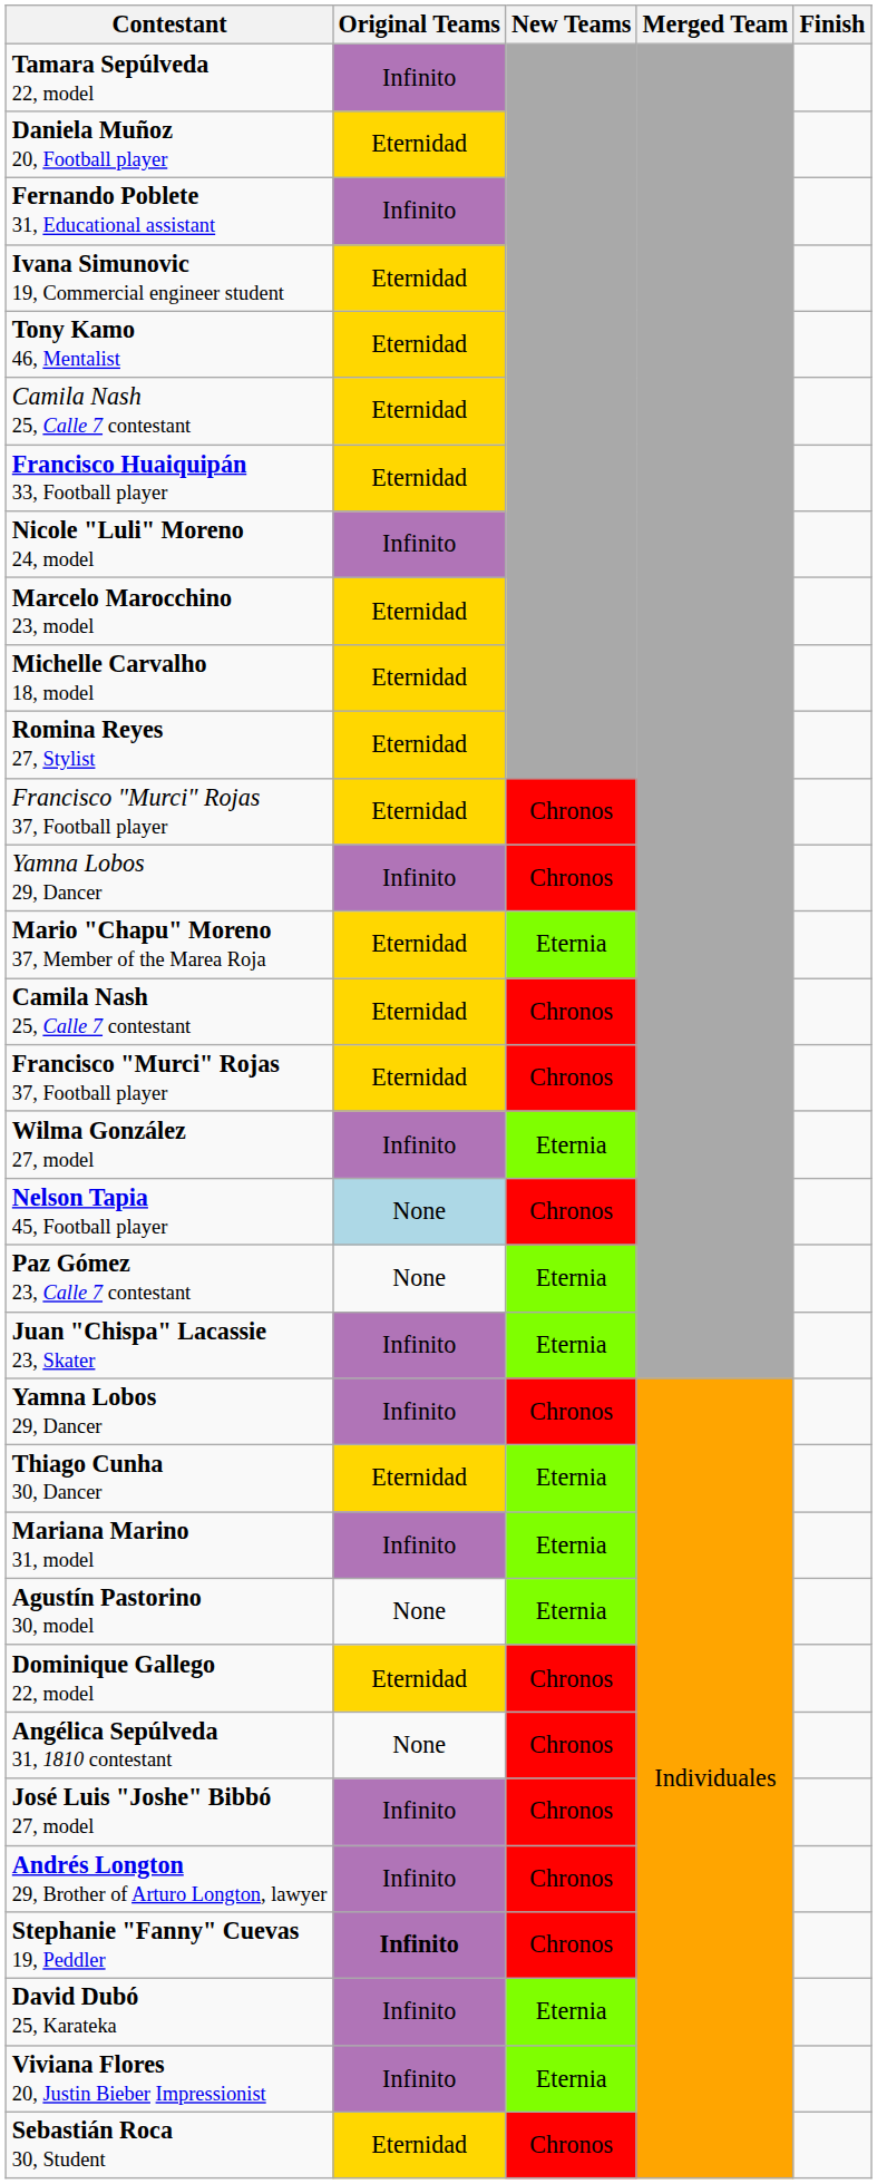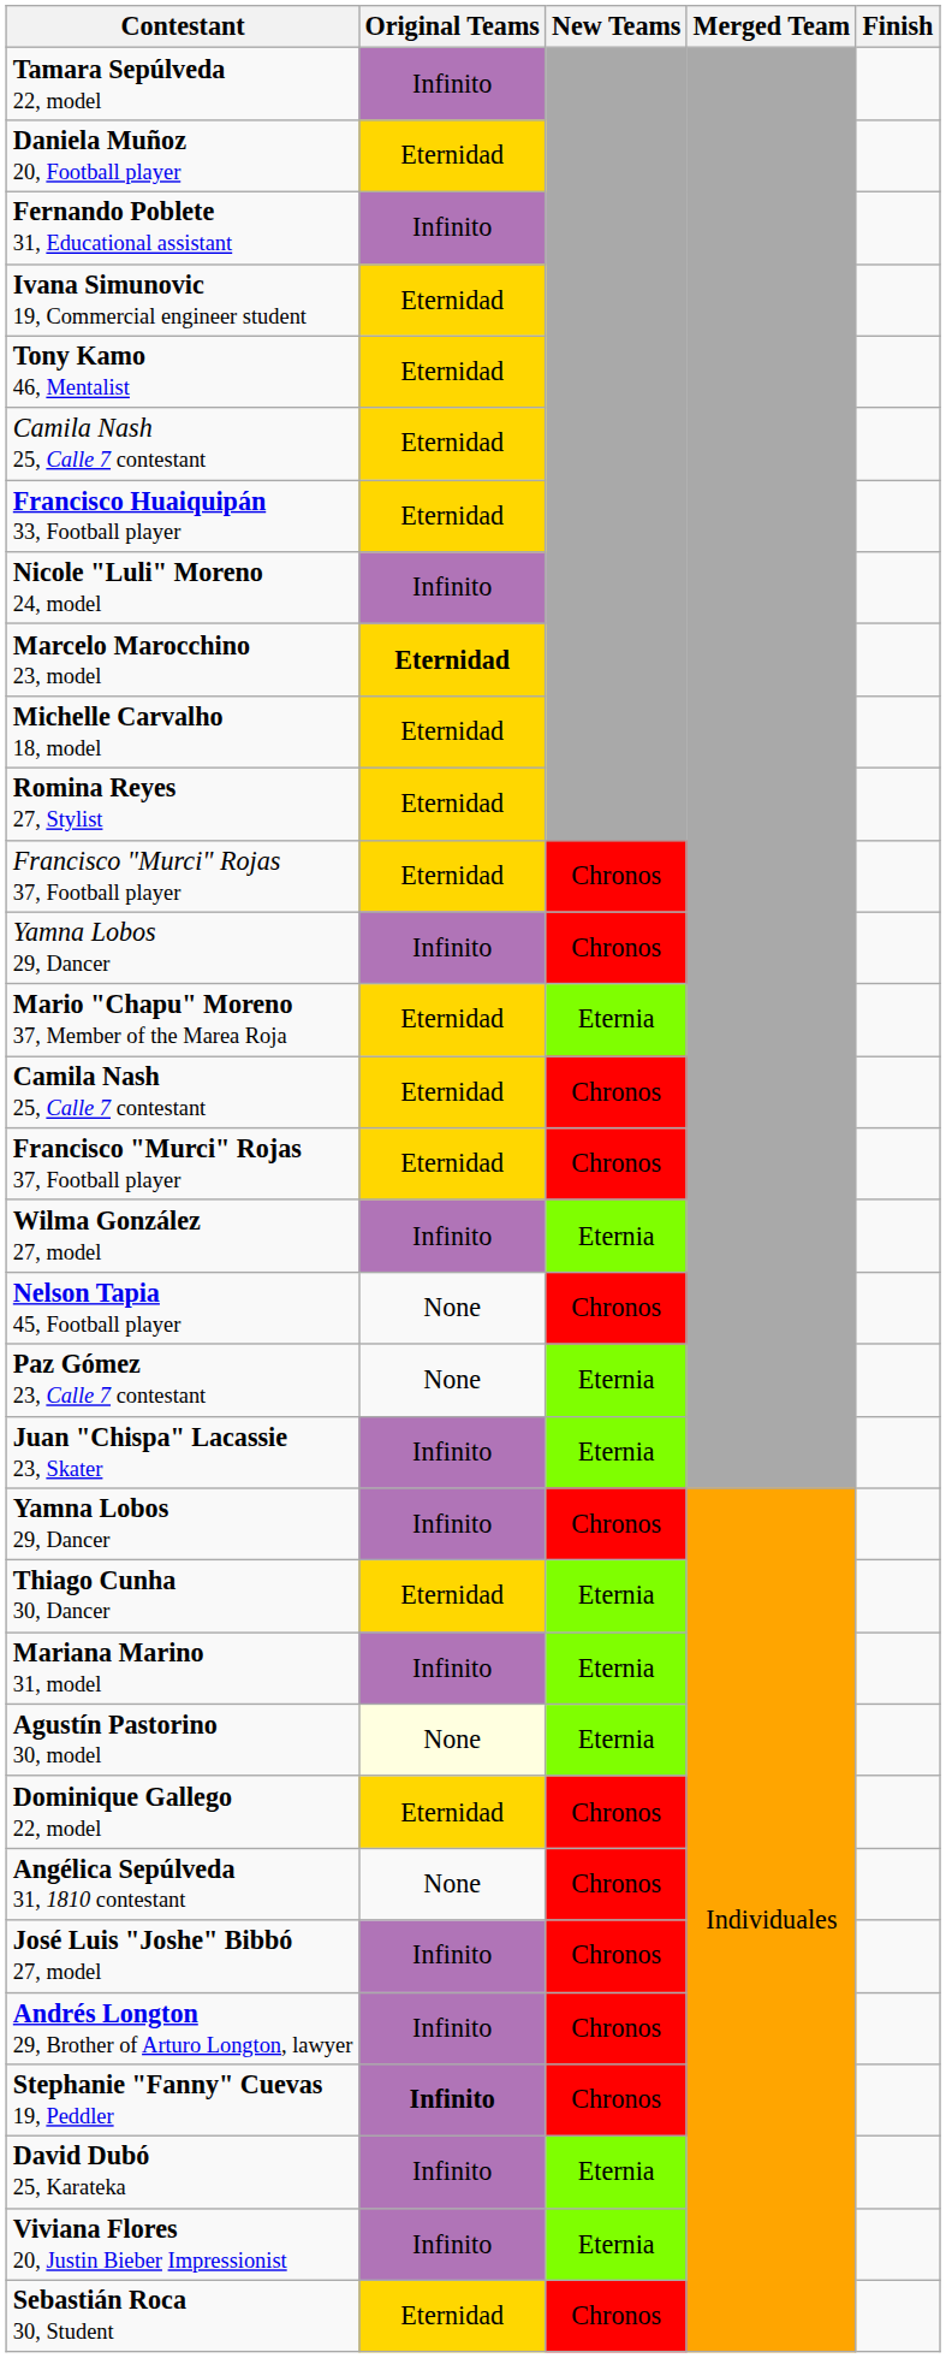 <table class="wikitable sortable" style="margin:auto; text-align:center">
 <tr>
 <th>Contestant</th>
 <th>Original Teams</th>
 <th>New Teams</th>
 <th>Merged Team</th>
 <th>Finish</th>
 </tr>
 <tr>
 <td align="left"><strong>Tamara Sepúlveda</strong><br><small>22, model</small></td>
 <td bgcolor="#B074B7">Infinito</td>
 <td rowspan=11 style="background:darkgrey;"></td>
 <td rowspan=20 style="background:darkgrey;"></td>
 <td></td>
 </tr>
 <tr>
 <td align="left"><strong>Daniela Muñoz</strong><br><small>20, <a href='#'>Football player</a></small></td>
 <td bgcolor="gold">Eternidad</td>
 <td></td>
 </tr>
 <tr>
 <td align="left"><strong>Fernando Poblete</strong><br><small>31, <a href='#'>Educational assistant</a></small></td>
 <td bgcolor="#B074B7">Infinito</td>
 <td></td>
 </tr>
 <tr>
 <td align="left"><strong>Ivana Simunovic</strong><br><small>19, Commercial engineer student</small></td>
 <td bgcolor="gold">Eternidad</td>
 <td></td>
 </tr>
 <tr>
 <td align="left"><strong>Tony Kamo</strong><br><small>46, <a href='#'>Mentalist</a></small></td>
 <td bgcolor="gold">Eternidad</td>
 <td></td>
 </tr>
 <tr>
 <td align="left"><em>Camila Nash</em><br><small>25, <em><a href='#'>Calle 7</a></em> contestant</small></td>
 <td bgcolor="gold">Eternidad</td>
 <td></td>
 </tr>
 <tr>
 <td align="left"><strong><a href='#'>Francisco Huaiquipán</a></strong><br><small>33, Football player</small></td>
 <td bgcolor="gold">Eternidad</td>
 <td></td>
 </tr>
 <tr>
 <td align="left"><strong>Nicole "Luli" Moreno</strong><br><small>24, model</small></td>
 <td bgcolor="#B074B7">Infinito</td>
 <td></td>
 </tr>
 <tr>
 <td align="left"><strong>Marcelo Marocchino</strong><br><small>23, model</small></td>
-<td bgcolor="gold">Eternidad</td>
+<td bgcolor="gold"><strong>Eternidad</strong></td>
 <td></td>
 </tr>
 <tr>
 <td align="left"><strong>Michelle Carvalho</strong><br><small>18, model</small></td>
 <td bgcolor="gold">Eternidad</td>
 <td></td>
 </tr>
 <tr>
 <td align="left"><strong>Romina Reyes</strong><br><small>27, <a href='#'>Stylist</a></small></td>
 <td bgcolor="gold">Eternidad</td>
 <td></td>
 </tr>
 <tr>
 <td align="left"><em>Francisco "Murci" Rojas</em><br><small>37, Football player</small></td>
 <td bgcolor="gold">Eternidad</td>
 <td bgcolor="red">Chronos</td>
 <td></td>
 </tr>
 <tr>
 <td align="left"><em>Yamna Lobos</em><br><small>29, Dancer</small></td>
 <td bgcolor="#B074B7">Infinito</td>
 <td bgcolor="red">Chronos</td>
 <td></td>
 </tr>
 <tr>
 <td align="left"><strong>Mario "Chapu" Moreno</strong><br><small>37, Member of the Marea Roja</small></td>
 <td bgcolor="gold">Eternidad</td>
 <td bgcolor="chartreuse">Eternia</td>
 <td></td>
 </tr>
 <tr>
 <td align="left"><strong>Camila Nash</strong><br><small>25, <em><a href='#'>Calle 7</a></em> contestant</small></td>
 <td bgcolor="gold">Eternidad</td>
 <td bgcolor="red">Chronos</td>
 <td></td>
 </tr>
 <tr>
 <td align="left"><strong>Francisco "Murci" Rojas</strong><br><small>37, Football player</small></td>
 <td bgcolor="gold">Eternidad</td>
 <td bgcolor="red">Chronos</td>
 <td></td>
 </tr>
 <tr>
 <td align="left"><strong>Wilma González</strong><br><small>27, model</small></td>
 <td bgcolor="#B074B7">Infinito</td>
 <td bgcolor="chartreuse">Eternia</td>
 <td></td>
 </tr>
 <tr>
 <td align="left"><strong><a href='#'>Nelson Tapia</a></strong><br><small>45, Football player</small></td>
-<td style="background: lightblue;">None</td>
+<td>None</td>
 <td bgcolor="red">Chronos</td>
 <td></td>
 </tr>
 <tr>
 <td align="left"><strong>Paz Gómez</strong><br><small>23, <em><a href='#'>Calle 7</a></em> contestant</small></td>
 <td>None</td>
 <td bgcolor="chartreuse">Eternia</td>
 <td></td>
 </tr>
 <tr>
 <td align="left"><strong>Juan "Chispa" Lacassie</strong><br><small>23, <a href='#'>Skater</a></small></td>
 <td bgcolor="#B074B7">Infinito</td>
 <td bgcolor="chartreuse">Eternia</td>
 <td></td>
 </tr>
 <tr>
 <td align="left"><strong>Yamna Lobos</strong><br><small>29, Dancer</small></td>
 <td bgcolor="#B074B7">Infinito</td>
 <td bgcolor="red">Chronos</td>
 <td rowspan=12 style="background:orange;">Individuales</td>
 <td></td>
 </tr>
 <tr>
 <td align="left"><strong>Thiago Cunha</strong><br><small>30, Dancer</small></td>
 <td bgcolor="gold">Eternidad</td>
 <td bgcolor="chartreuse">Eternia</td>
 <td></td>
 </tr>
 <tr>
 <td align="left"><strong>Mariana Marino</strong><br><small>31, model</small></td>
 <td bgcolor="#B074B7">Infinito</td>
 <td bgcolor="chartreuse">Eternia</td>
 <td></td>
 </tr>
 <tr>
 <td align="left"><strong>Agustín Pastorino</strong><br><small>30, model</small></td>
-<td>None</td>
+<td style="background: lightyellow;">None</td>
 <td bgcolor="chartreuse">Eternia</td>
 <td></td>
 </tr>
 <tr>
 <td align="left"><strong>Dominique Gallego</strong><br><small>22, model</small></td>
 <td bgcolor="gold">Eternidad</td>
 <td bgcolor="red">Chronos</td>
 <td></td>
 </tr>
 <tr>
 <td align="left"><strong>Angélica Sepúlveda</strong><br><small>31, <em>1810</em> contestant</small></td>
 <td>None</td>
 <td bgcolor="red">Chronos</td>
 <td></td>
 </tr>
 <tr>
 <td align="left"><strong>José Luis "Joshe" Bibbó</strong><br><small>27, model</small></td>
 <td bgcolor="#B074B7">Infinito</td>
 <td bgcolor="red">Chronos</td>
 <td></td>
 </tr>
 <tr>
 <td align="left"><strong><a href='#'>Andrés Longton</a></strong><br><small>29, Brother of <a href='#'>Arturo Longton</a>, lawyer</small></td>
 <td bgcolor="#B074B7">Infinito</td>
 <td bgcolor="red">Chronos</td>
 <td></td>
 </tr>
 <tr>
 <td align="left"><strong>Stephanie "Fanny" Cuevas</strong><br><small>19, <a href='#'>Peddler</a></small></td>
 <td bgcolor="#B074B7"><strong>Infinito</strong></td>
 <td bgcolor="red">Chronos</td>
 <td></td>
 </tr>
 <tr>
 <td align="left"><strong>David Dubó</strong><br><small>25, Karateka</small></td>
 <td bgcolor="#B074B7">Infinito</td>
 <td bgcolor="chartreuse">Eternia</td>
 <td></td>
 </tr>
 <tr>
 <td align="left"><strong>Viviana Flores</strong><br><small>20, <a href='#'>Justin Bieber</a> <a href='#'>Impressionist</a></small></td>
 <td bgcolor="#B074B7">Infinito</td>
 <td bgcolor="chartreuse">Eternia</td>
 <td><strong></strong></td>
 </tr>
 <tr>
 <td align="left"><strong>Sebastián Roca</strong><br><small>30, Student</small></td>
 <td bgcolor="gold">Eternidad</td>
 <td bgcolor="red">Chronos</td>
 <td><strong></strong></td>
 </tr>
 </table>
